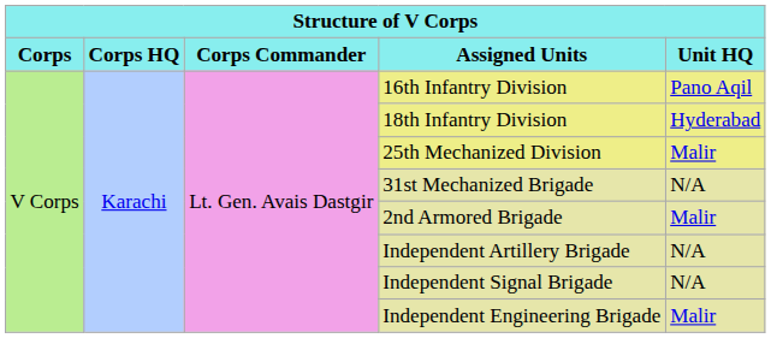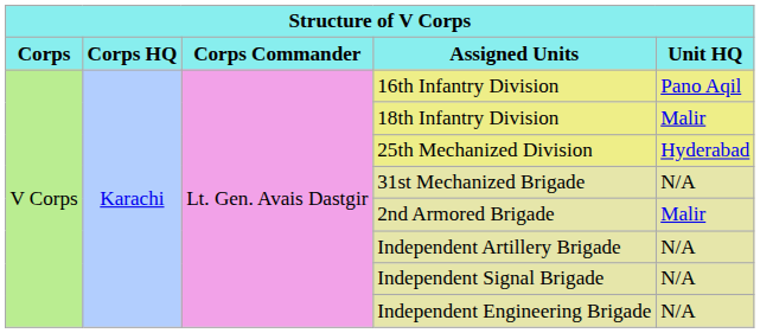 <table class="wikitable">
 <tr>
 <th colspan="10" style="background:#88EEEE;">Structure of V Corps</th>
 </tr>
 <tr>
 <th style="background:#88EEEE;">Corps</th>
 <th style="background:#88EEEE;">Corps HQ</th>
 <th style="background:#88EEEE;">Corps Commander</th>
 <th style="background:#88EEEE;">Assigned Units</th>
 <th style="background:#88EEEE;">Unit HQ</th>
 </tr>
 <tr>
 <td rowspan="8" style="background:#baed91;text-align:center;">V Corps</td>
 <td rowspan="8" style="background:#b2cefe;text-align:center;"><a href='#'>Karachi</a></td>
 <td rowspan="8" style="background:#f2a2e8;text-align:center;">Lt. Gen. Avais Dastgir<br></td>
 <td style="background:#EEEE88;">16th Infantry Division</td>
 <td style="background:#EEEE88;"><a href='#'>Pano Aqil</a></td>
 </tr>
 <tr>
 <td style="background:#EEEE88;">18th Infantry Division</td>
-<td style="background:#EEEE88;"><a href='#'>Hyderabad</a></td>
+<td style="background:#EEEE88;"><a href='#'>Malir</a></td>
 </tr>
 <tr>
 <td style="background:#EEEE88;">25th Mechanized Division</td>
-<td style="background:#EEEE88;"><a href='#'>Malir</a></td>
+<td style="background:#EEEE88;"><a href='#'>Hyderabad</a></td>
 </tr>
 <tr>
 <td style="background:#e6e6aa;">31st Mechanized Brigade</td>
 <td style="background:#e6e6aa;">N/A</td>
 </tr>
 <tr>
 <td style="background:#e6e6aa;">2nd Armored Brigade</td>
 <td style="background:#e6e6aa;"><a href='#'>Malir</a></td>
 </tr>
 <tr>
 <td style="background:#e6e6aa;">Independent Artillery Brigade</td>
 <td style="background:#e6e6aa;">N/A</td>
 </tr>
 <tr>
 <td style="background:#e6e6aa;">Independent Signal Brigade</td>
 <td style="background:#e6e6aa;">N/A</td>
 </tr>
 <tr>
 <td style="background:#e6e6aa;">Independent Engineering Brigade</td>
-<td style="background:#e6e6aa;"><a href='#'>Malir</a></td>
+<td style="background:#e6e6aa;">N/A</td>
 </tr>
 </table>
